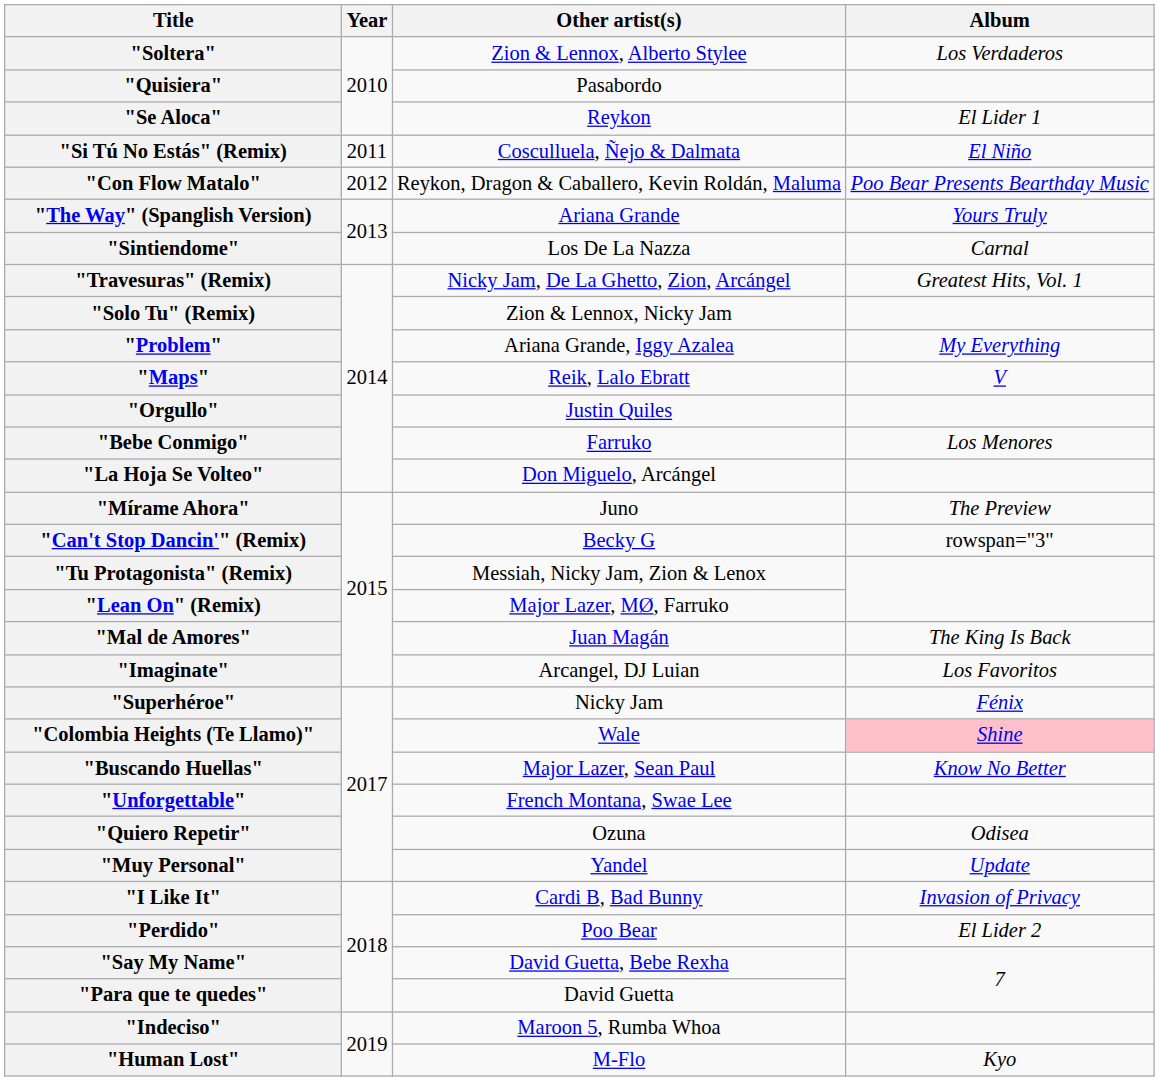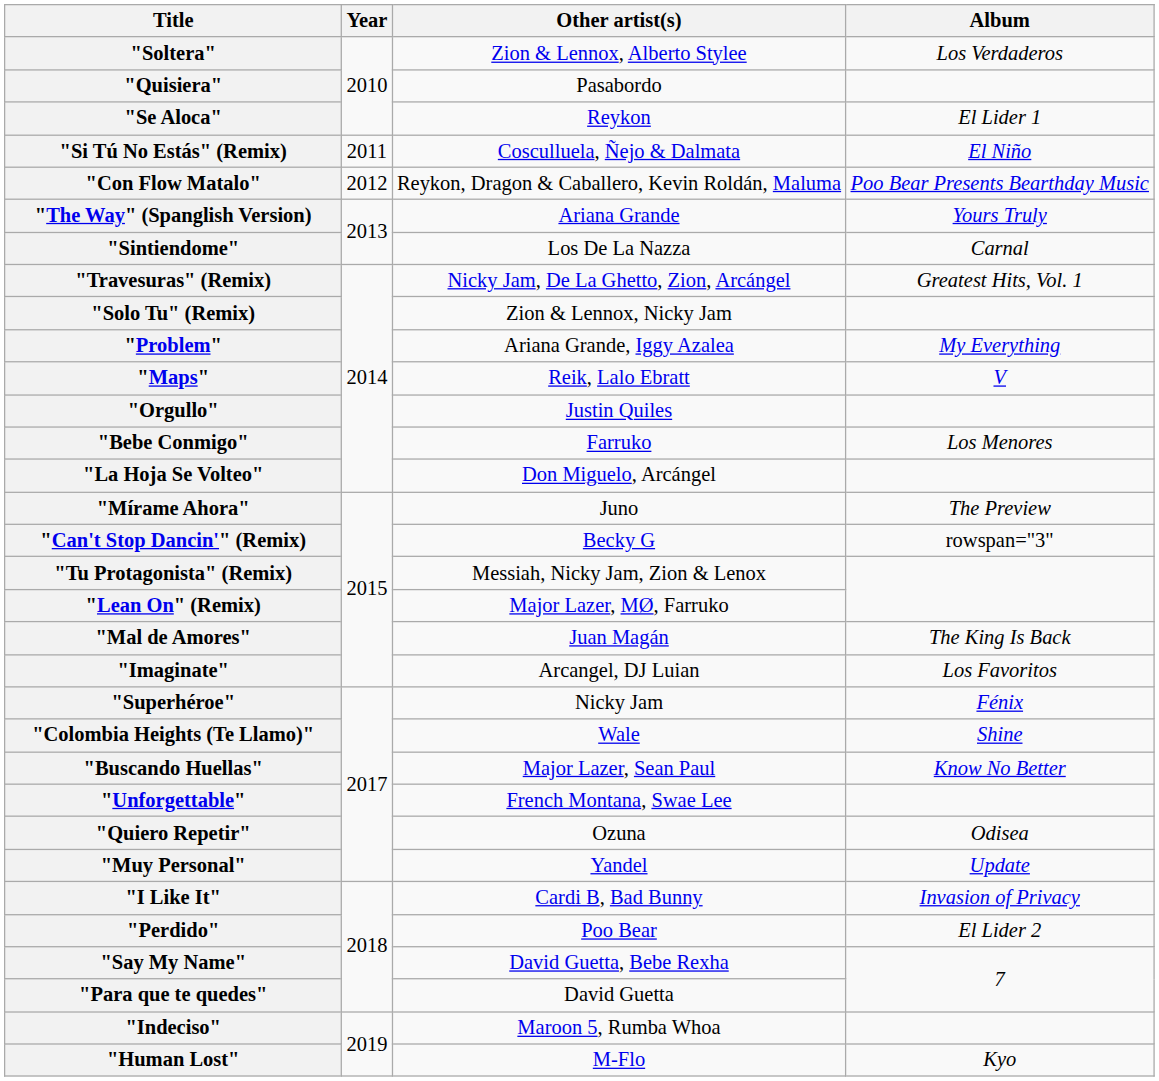 <table class="wikitable plainrowheaders" style="text-align:center;">
 <tr>
 <th scope="col" style="width:16em;">Title</th>
 <th scope="col">Year</th>
 <th scope="col">Other artist(s)</th>
 <th scope="col">Album</th>
 </tr>
 <tr>
 <th scope="row">"Soltera"</th>
 <td rowspan="3">2010</td>
 <td><a href='#'>Zion & Lennox</a>, <a href='#'>Alberto Stylee</a></td>
 <td><em>Los Verdaderos</em></td>
 </tr>
 <tr>
 <th scope="row">"Quisiera"</th>
 <td>Pasabordo</td>
 <td></td>
 </tr>
 <tr>
 <th scope="row">"Se Aloca"</th>
 <td><a href='#'>Reykon</a></td>
 <td><em>El Lider 1</em></td>
 </tr>
 <tr>
 <th scope="row">"Si Tú No Estás" (Remix)</th>
 <td>2011</td>
 <td><a href='#'>Cosculluela</a>, <a href='#'>Ñejo & Dalmata</a></td>
 <td><em><a href='#'>El Niño</a></em></td>
 </tr>
 <tr>
 <th scope="row">"Con Flow Matalo"</th>
 <td>2012</td>
 <td>Reykon, Dragon & Caballero, Kevin Roldán, <a href='#'>Maluma</a></td>
 <td><em><a href='#'>Poo Bear Presents Bearthday Music</a></em></td>
 </tr>
 <tr>
 <th scope="row">"<a href='#'>The Way</a>" (Spanglish Version)</th>
 <td rowspan="2">2013</td>
 <td><a href='#'>Ariana Grande</a></td>
 <td><em><a href='#'>Yours Truly</a></em></td>
 </tr>
 <tr>
 <th scope="row">"Sintiendome"</th>
 <td>Los De La Nazza</td>
 <td><em>Carnal</em></td>
 </tr>
 <tr>
 <th scope="row">"Travesuras" (Remix)</th>
 <td rowspan="7">2014</td>
 <td><a href='#'>Nicky Jam</a>, <a href='#'>De La Ghetto</a>, <a href='#'>Zion</a>, <a href='#'>Arcángel</a></td>
 <td><em>Greatest Hits, Vol. 1</em></td>
 </tr>
 <tr>
 <th scope="row">"Solo Tu" (Remix)</th>
 <td>Zion & Lennox, Nicky Jam</td>
 <td></td>
 </tr>
 <tr>
 <th scope="row">"<a href='#'>Problem</a>"</th>
 <td>Ariana Grande, <a href='#'>Iggy Azalea</a></td>
 <td><em><a href='#'>My Everything</a></em></td>
 </tr>
 <tr>
 <th scope="row">"<a href='#'>Maps</a>" </th>
 <td><a href='#'>Reik</a>, <a href='#'>Lalo Ebratt</a></td>
 <td><em><a href='#'>V</a></em></td>
 </tr>
 <tr>
 <th scope="row">"Orgullo"</th>
 <td><a href='#'>Justin Quiles</a></td>
 <td></td>
 </tr>
 <tr>
 <th scope="row">"Bebe Conmigo"</th>
 <td><a href='#'>Farruko</a></td>
 <td><em>Los Menores</em></td>
 </tr>
 <tr>
 <th scope="row">"La Hoja Se Volteo"</th>
 <td><a href='#'>Don Miguelo</a>, Arcángel</td>
 <td></td>
 </tr>
 <tr>
 <th scope="row">"Mírame Ahora"</th>
 <td rowspan="6">2015</td>
 <td>Juno</td>
 <td><em>The Preview</em></td>
 </tr>
 <tr>
 <th scope="row">"<a href='#'>Can't Stop Dancin'</a>" (Remix)</th>
 <td><a href='#'>Becky G</a></td>
 <td>rowspan="3" </td>
 </tr>
 <tr>
 <th scope="row">"Tu Protagonista" (Remix)</th>
 <td>Messiah, Nicky Jam, Zion & Lenox</td>
 </tr>
 <tr>
 <th scope="row">"<a href='#'>Lean On</a>" (Remix)</th>
 <td><a href='#'>Major Lazer</a>, <a href='#'>MØ</a>, Farruko</td>
 </tr>
 <tr>
 <th scope="row">"Mal de Amores"</th>
 <td><a href='#'>Juan Magán</a></td>
 <td><em>The King Is Back</em></td>
 </tr>
 <tr>
 <th scope="row">"Imaginate"</th>
 <td>Arcangel, DJ Luian</td>
 <td><em>Los Favoritos</em></td>
 </tr>
 <tr>
 <th scope="row">"Superhéroe"</th>
 <td rowspan="6">2017</td>
 <td>Nicky Jam</td>
 <td><em><a href='#'>Fénix</a></em></td>
 </tr>
 <tr>
 <th scope="row">"Colombia Heights (Te Llamo)"</th>
 <td><a href='#'>Wale</a></td>
-<td style="background: pink;"><em><a href='#'>Shine</a></em></td>
+<td><em><a href='#'>Shine</a></em></td>
 </tr>
 <tr>
 <th scope="row">"Buscando Huellas"</th>
 <td><a href='#'>Major Lazer</a>, <a href='#'>Sean Paul</a></td>
 <td><em><a href='#'>Know No Better</a></em></td>
 </tr>
 <tr>
 <th scope="row">"<a href='#'>Unforgettable</a>" </th>
 <td><a href='#'>French Montana</a>, <a href='#'>Swae Lee</a></td>
 <td></td>
 </tr>
 <tr>
 <th scope="row">"Quiero Repetir"</th>
 <td>Ozuna</td>
 <td><em>Odisea</em></td>
 </tr>
 <tr>
 <th scope="row">"Muy Personal"</th>
 <td><a href='#'>Yandel</a></td>
 <td><em><a href='#'>Update</a></em></td>
 </tr>
 <tr>
 <th scope="row">"I Like It"</th>
 <td rowspan="4">2018</td>
 <td><a href='#'>Cardi B</a>, <a href='#'>Bad Bunny</a></td>
 <td><em><a href='#'>Invasion of Privacy</a></em></td>
 </tr>
 <tr>
 <th scope="row">"Perdido"</th>
 <td><a href='#'>Poo Bear</a></td>
 <td><em>El Lider 2</em></td>
 </tr>
 <tr>
 <th scope="row">"Say My Name"</th>
 <td><a href='#'>David Guetta</a>, <a href='#'>Bebe Rexha</a></td>
 <td rowspan="2"><em>7</em></td>
 </tr>
 <tr>
 <th scope="row">"Para que te quedes"</th>
 <td>David Guetta</td>
 </tr>
 <tr>
 <th scope="row">"Indeciso"</th>
 <td rowspan="2">2019</td>
 <td><a href='#'>Maroon 5</a>, Rumba Whoa</td>
 <td></td>
 </tr>
 <tr>
 <th scope="row">"Human Lost"</th>
 <td><a href='#'>M-Flo</a></td>
 <td><em>Kyo</em></td>
 </tr>
 </table>
